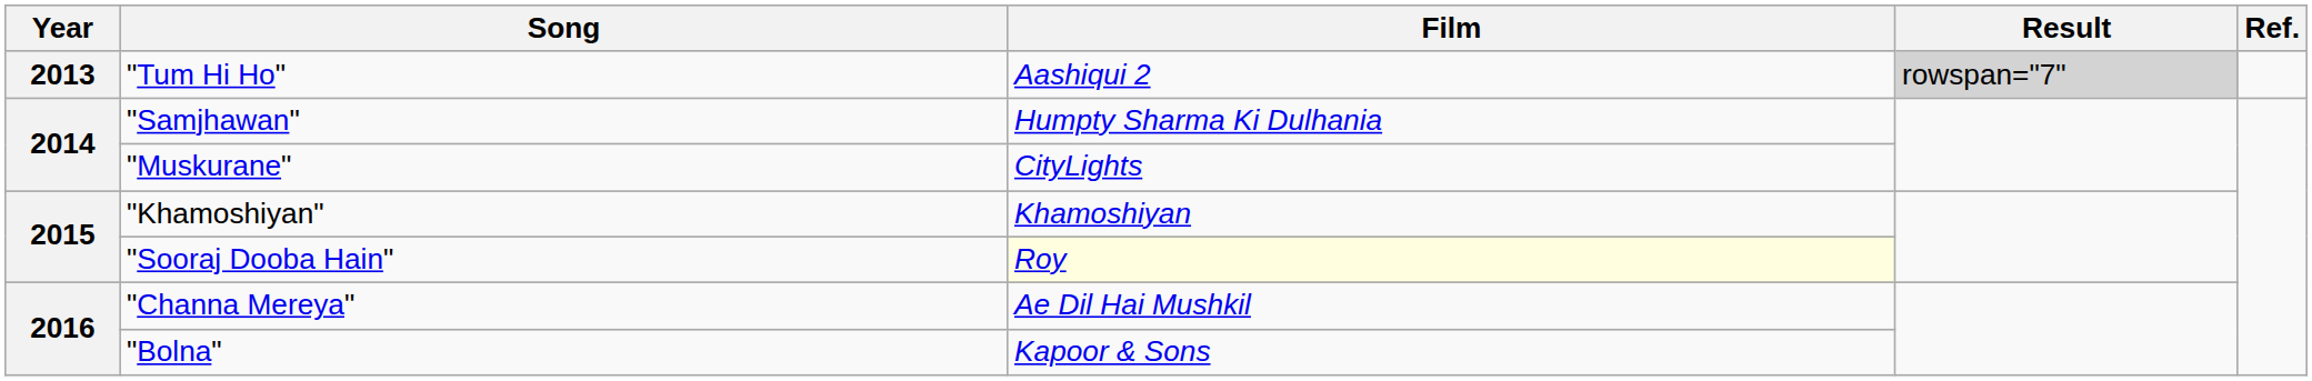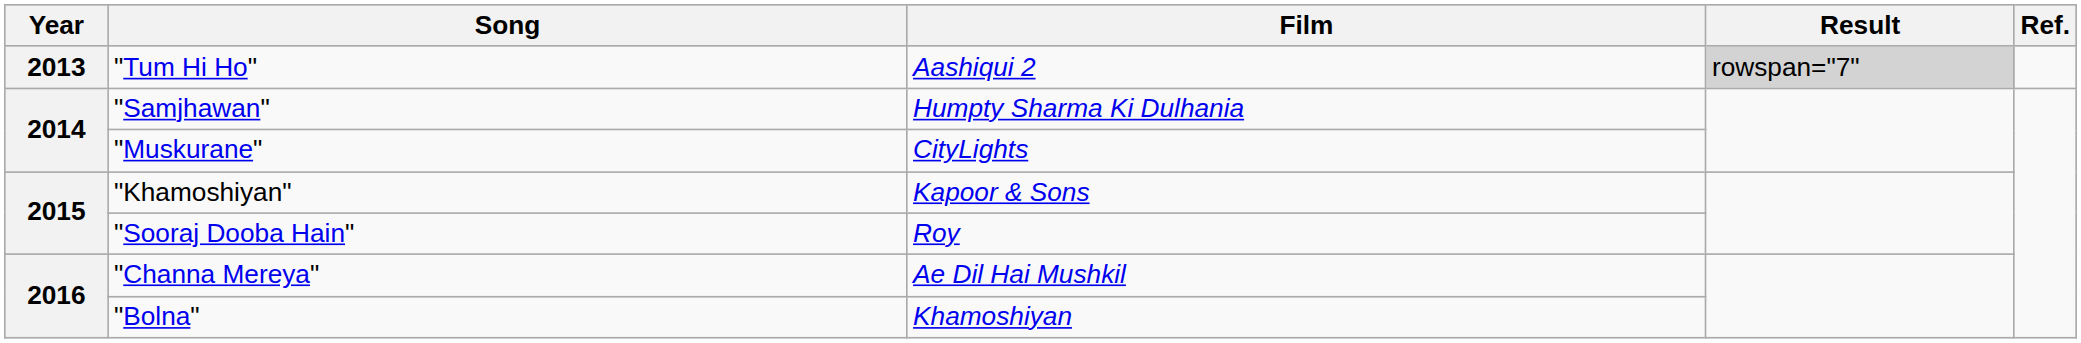 <table class="wikitable plainrowheaders" width="100%" "textcolor:#000;">
 <tr>
 <th scope="col" width=5%><strong>Year</strong></th>
 <th scope="col" width=39%><strong>Song</strong></th>
 <th scope="col" width=39%><strong>Film</strong></th>
 <th scope="col" width=15%><strong>Result</strong></th>
 <th scope="col" width=2%><strong>Ref.</strong></th>
 </tr>
 <tr>
 <th scope="row">2013</th>
 <td>"<a href='#'>Tum Hi Ho</a>"</td>
 <td><em><a href='#'>Aashiqui 2</a></em></td>
 <td style="background: lightgrey;">rowspan="7" </td>
 <td></td>
 </tr>
 <tr>
 <th scope="row" rowspan="2">2014</th>
 <td>"<a href='#'>Samjhawan</a>"</td>
 <td><em><a href='#'>Humpty Sharma Ki Dulhania</a></em></td>
 <td rowspan="2"></td>
 </tr>
 <tr>
 <td>"<a href='#'>Muskurane</a>"</td>
 <td><em><a href='#'>CityLights</a></em></td>
 </tr>
 <tr>
 <th scope="row" rowspan="2">2015</th>
 <td>"Khamoshiyan"</td>
-<td><em><a href='#'>Khamoshiyan</a></em></td>
+<td><em><a href='#'>Kapoor & Sons</a></em></td>
 <td rowspan="2"></td>
 </tr>
 <tr>
 <td>"<a href='#'>Sooraj Dooba Hain</a>"</td>
-<td style="background: lightyellow;"><em><a href='#'>Roy</a></em></td>
+<td><em><a href='#'>Roy</a></em></td>
 </tr>
 <tr>
 <th scope="row" rowspan="2">2016</th>
 <td>"<a href='#'>Channa Mereya</a>"</td>
 <td><em><a href='#'>Ae Dil Hai Mushkil</a></em></td>
 <td rowspan="2"></td>
 </tr>
 <tr>
 <td>"<a href='#'>Bolna</a>"</td>
-<td><em><a href='#'>Kapoor & Sons</a></em></td>
+<td><em><a href='#'>Khamoshiyan</a></em></td>
 </tr>
 </table>
